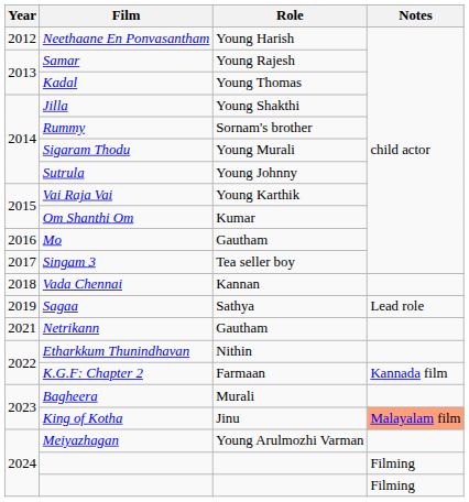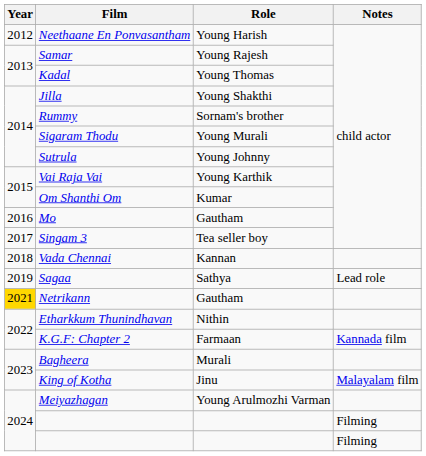 <table class="wikitable sortable">
 <tr>
 <th scope="col">Year</th>
 <th scope="col">Film</th>
 <th scope="col">Role</th>
 <th class="unsortable" scope="col">Notes</th>
 </tr>
 <tr>
 <td>2012</td>
 <td><em><a href='#'>Neethaane En Ponvasantham</a></em></td>
 <td>Young Harish</td>
 <td rowspan="11">child actor</td>
 </tr>
 <tr>
 <td rowspan="2">2013</td>
 <td><em><a href='#'>Samar</a></em></td>
 <td>Young Rajesh</td>
 </tr>
 <tr>
 <td><em><a href='#'>Kadal</a></em></td>
 <td>Young Thomas</td>
 </tr>
 <tr>
 <td rowspan="4">2014</td>
 <td><em><a href='#'>Jilla</a></em></td>
 <td>Young Shakthi</td>
 </tr>
 <tr>
 <td><em><a href='#'>Rummy</a></em></td>
 <td>Sornam's brother</td>
 </tr>
 <tr>
 <td><em><a href='#'>Sigaram Thodu</a></em></td>
 <td>Young Murali</td>
 </tr>
 <tr>
 <td><em><a href='#'>Sutrula</a></em></td>
 <td>Young Johnny</td>
 </tr>
 <tr>
 <td rowspan="2">2015</td>
 <td><em><a href='#'>Vai Raja Vai</a></em></td>
 <td>Young Karthik</td>
 </tr>
 <tr>
 <td><em><a href='#'>Om Shanthi Om</a></em></td>
 <td>Kumar</td>
 </tr>
 <tr>
 <td>2016</td>
 <td><em><a href='#'>Mo</a></em></td>
 <td>Gautham</td>
 </tr>
 <tr>
 <td>2017</td>
 <td><em><a href='#'>Singam 3</a></em></td>
 <td>Tea seller boy</td>
 </tr>
 <tr>
 <td>2018</td>
 <td><em><a href='#'>Vada Chennai</a></em></td>
 <td>Kannan</td>
 <td></td>
 </tr>
 <tr>
 <td>2019</td>
 <td><em><a href='#'>Sagaa</a></em></td>
 <td>Sathya</td>
 <td>Lead role</td>
 </tr>
 <tr>
-<td>2021</td>
+<td style="background: gold;">2021</td>
 <td><em><a href='#'>Netrikann</a></em></td>
 <td>Gautham</td>
 <td></td>
 </tr>
 <tr>
 <td rowspan="2">2022</td>
 <td><em><a href='#'>Etharkkum Thunindhavan</a></em></td>
 <td>Nithin</td>
 <td></td>
 </tr>
 <tr>
 <td><em><a href='#'>K.G.F: Chapter 2</a></em></td>
 <td>Farmaan</td>
 <td><a href='#'>Kannada</a> film</td>
 </tr>
 <tr>
 <td rowspan=2>2023</td>
 <td><em><a href='#'>Bagheera</a></em></td>
 <td>Murali</td>
 <td></td>
 </tr>
 <tr>
 <td><em><a href='#'>King of Kotha</a></em></td>
 <td>Jinu</td>
-<td style="background: lightsalmon;"><a href='#'>Malayalam</a> film</td>
+<td><a href='#'>Malayalam</a> film</td>
 </tr>
 <tr>
 <td rowspan="3">2024</td>
 <td><em><a href='#'>Meiyazhagan</a></em></td>
 <td>Young Arulmozhi Varman</td>
 <td></td>
 </tr>
 <tr>
 <td></td>
 <td></td>
 <td>Filming</td>
 </tr>
 <tr>
 <td></td>
 <td></td>
 <td>Filming</td>
 </tr>
 </table>
